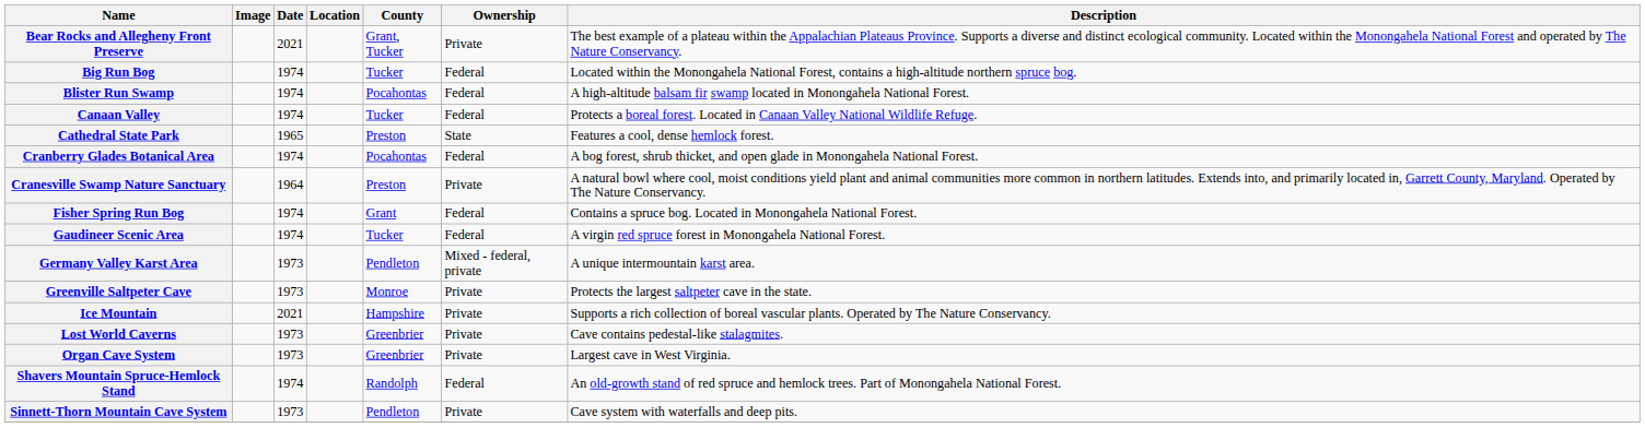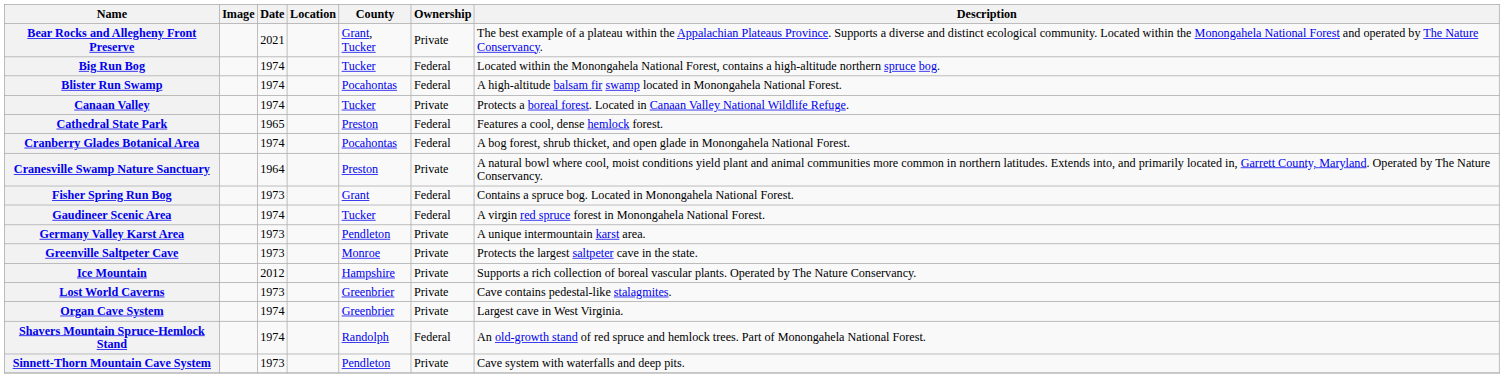 <table class="wikitable sortable" align="center">
 <tr>
 <th style="background-color:">Name</th>
 <th style="background-color:">Image</th>
 <th style="background-color:">Date</th>
 <th style="background-color:">Location</th>
 <th style="background-color:">County</th>
 <th style="background-color:">Ownership</th>
 <th style="background-color:">Description</th>
 </tr>
 <tr>
 <th><a href='#'>Bear Rocks and Allegheny Front Preserve</a></th>
 <td></td>
 <td>2021</td>
 <td></td>
 <td><a href='#'>Grant</a>, <a href='#'>Tucker</a></td>
 <td>Private</td>
 <td>The best example of a plateau within the <a href='#'>Appalachian Plateaus Province</a>. Supports a diverse and distinct ecological community. Located within the <a href='#'>Monongahela National Forest</a> and operated by <a href='#'>The Nature Conservancy</a>.</td>
 </tr>
 <tr>
 <th><a href='#'>Big Run Bog</a></th>
 <td></td>
 <td>1974</td>
 <td></td>
 <td><a href='#'>Tucker</a></td>
 <td>Federal</td>
 <td>Located within the Monongahela National Forest, contains a high-altitude northern <a href='#'>spruce</a> <a href='#'>bog</a>.</td>
 </tr>
 <tr>
 <th><a href='#'>Blister Run Swamp</a></th>
 <td></td>
 <td>1974</td>
 <td></td>
 <td><a href='#'>Pocahontas</a></td>
 <td>Federal</td>
 <td>A high-altitude <a href='#'>balsam fir</a> <a href='#'>swamp</a> located in Monongahela National Forest.</td>
 </tr>
 <tr>
 <th><a href='#'>Canaan Valley</a></th>
 <td></td>
 <td>1974</td>
 <td></td>
 <td><a href='#'>Tucker</a></td>
-<td>Federal</td>
+<td>Private</td>
 <td>Protects a <a href='#'>boreal forest</a>. Located in <a href='#'>Canaan Valley National Wildlife Refuge</a>.</td>
 </tr>
 <tr>
 <th><a href='#'>Cathedral State Park</a></th>
 <td></td>
 <td>1965</td>
 <td></td>
 <td><a href='#'>Preston</a></td>
-<td>State</td>
+<td>Federal</td>
 <td>Features a cool, dense <a href='#'>hemlock</a> forest.</td>
 </tr>
 <tr>
 <th><a href='#'>Cranberry Glades Botanical Area</a></th>
 <td></td>
 <td>1974</td>
 <td></td>
 <td><a href='#'>Pocahontas</a></td>
 <td>Federal</td>
 <td>A bog forest, shrub thicket, and open glade in Monongahela National Forest.</td>
 </tr>
 <tr>
 <th><a href='#'>Cranesville Swamp Nature Sanctuary</a></th>
 <td></td>
 <td>1964</td>
 <td></td>
 <td><a href='#'>Preston</a></td>
 <td>Private</td>
 <td>A natural bowl where cool, moist conditions yield plant and animal communities more common in northern latitudes.  Extends into, and primarily located in, <a href='#'>Garrett County, Maryland</a>. Operated by The Nature Conservancy.</td>
 </tr>
 <tr>
 <th><a href='#'>Fisher Spring Run Bog</a></th>
 <td></td>
-<td>1974</td>
+<td>1973</td>
 <td></td>
 <td><a href='#'>Grant</a></td>
 <td>Federal</td>
 <td>Contains a spruce bog. Located in Monongahela National Forest.</td>
 </tr>
 <tr>
 <th><a href='#'>Gaudineer Scenic Area</a></th>
 <td></td>
 <td>1974</td>
 <td></td>
 <td><a href='#'>Tucker</a></td>
 <td>Federal</td>
 <td>A virgin <a href='#'>red spruce</a> forest in Monongahela National Forest.</td>
 </tr>
 <tr>
 <th><a href='#'>Germany Valley Karst Area</a></th>
 <td></td>
 <td>1973</td>
 <td></td>
 <td><a href='#'>Pendleton</a></td>
-<td>Mixed - federal, private</td>
+<td>Private</td>
 <td>A unique intermountain <a href='#'>karst</a> area.</td>
 </tr>
 <tr>
 <th><a href='#'>Greenville Saltpeter Cave</a></th>
 <td></td>
 <td>1973</td>
 <td></td>
 <td><a href='#'>Monroe</a></td>
 <td>Private</td>
 <td>Protects the largest <a href='#'>saltpeter</a> cave in the state.</td>
 </tr>
 <tr>
 <th><a href='#'>Ice Mountain</a></th>
 <td></td>
-<td>2021</td>
+<td>2012</td>
 <td></td>
 <td><a href='#'>Hampshire</a></td>
 <td>Private</td>
 <td>Supports a rich collection of boreal vascular plants. Operated by The Nature Conservancy.</td>
 </tr>
 <tr>
 <th><a href='#'>Lost World Caverns</a></th>
 <td></td>
 <td>1973</td>
 <td></td>
 <td><a href='#'>Greenbrier</a></td>
 <td>Private</td>
 <td>Cave contains pedestal-like <a href='#'>stalagmites</a>.</td>
 </tr>
 <tr>
 <th><a href='#'>Organ Cave System</a></th>
 <td></td>
-<td>1973</td>
+<td>1974</td>
 <td></td>
 <td><a href='#'>Greenbrier</a></td>
 <td>Private</td>
 <td>Largest cave in West Virginia.</td>
 </tr>
 <tr>
 <th><a href='#'>Shavers Mountain Spruce-Hemlock Stand</a></th>
 <td></td>
 <td>1974</td>
 <td></td>
 <td><a href='#'>Randolph</a></td>
 <td>Federal</td>
 <td>An <a href='#'>old-growth stand</a> of red spruce and hemlock trees. Part of Monongahela National Forest.</td>
 </tr>
 <tr>
 <th><a href='#'>Sinnett-Thorn Mountain Cave System</a></th>
 <td></td>
 <td>1973</td>
 <td></td>
 <td><a href='#'>Pendleton</a></td>
 <td>Private</td>
 <td>Cave system with waterfalls and deep pits.</td>
 </tr>
 <tr>
 </tr>
 </table>
